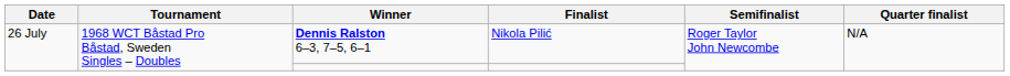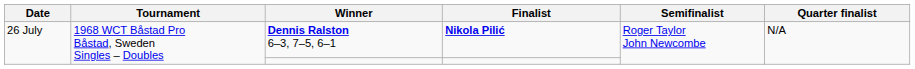 <table class="wikitable" style="font-size:85%;">
 <tr>
 <th width="75">Date</th>
 <th width="230">Tournament</th>
 <th width="210">Winner</th>
 <th width="210">Finalist</th>
 <th width="170">Semifinalist</th>
 <th width="170">Quarter finalist</th>
 </tr>
 <tr valign=top>
 <td rowspan=2>26 July</td>
 <td rowspan=2><a href='#'>1968 WCT Båstad Pro</a><br> <a href='#'>Båstad</a>, Sweden<br><a href='#'>Singles</a> – <a href='#'>Doubles</a></td>
 <td> <strong><a href='#'>Dennis Ralston</a></strong><br>6–3, 7–5, 6–1</td>
-<td> <a href='#'>Nikola Pilić</a></td>
+<td><strong> <a href='#'>Nikola Pilić</a></strong></td>
 <td rowspan=2> <a href='#'>Roger Taylor</a> <br>  <a href='#'>John Newcombe</a></td>
 <td rowspan=2>N/A</td>
 </tr>
 <tr valign=top>
 <td></td>
 <td></td>
 </tr>
 </table>
